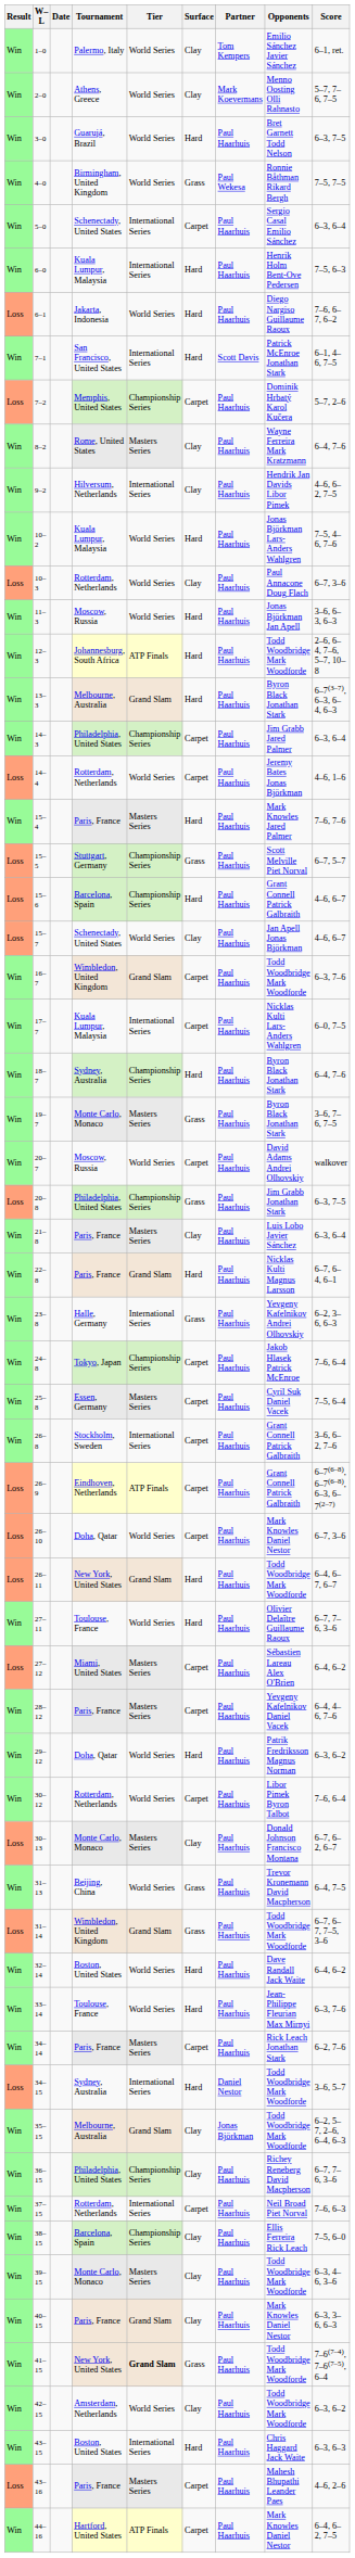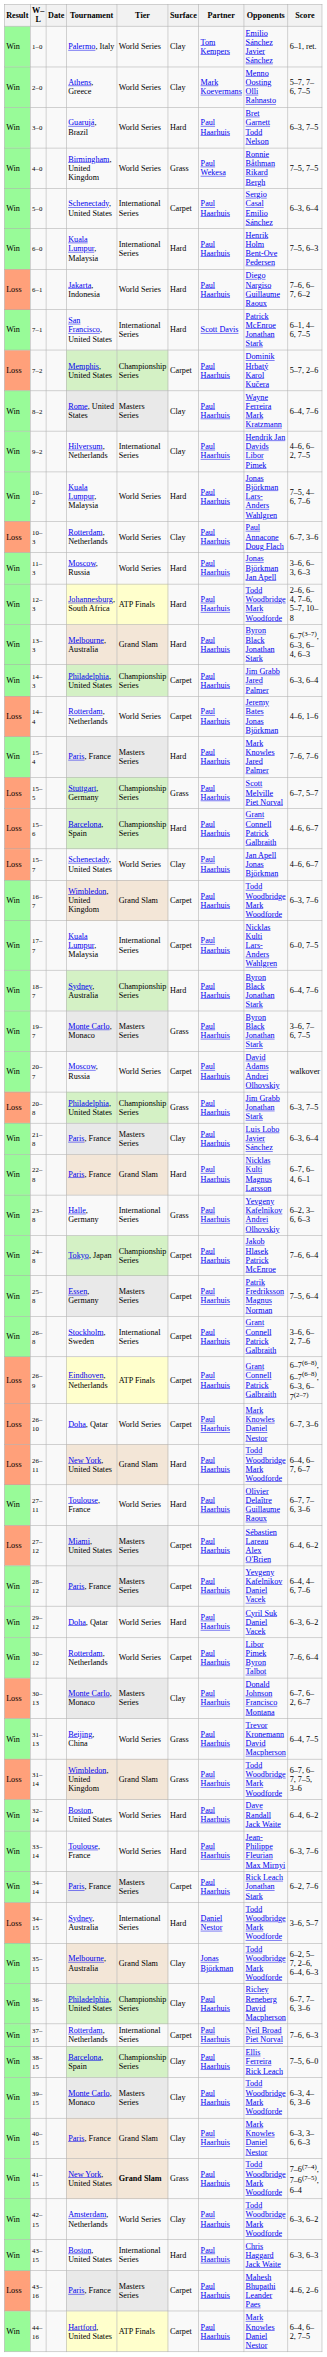 <table class="sortable wikitable">
 <tr>
 <th>Result</th>
 <th class="unsortable">W–L</th>
 <th>Date</th>
 <th>Tournament</th>
 <th>Tier</th>
 <th>Surface</th>
 <th>Partner</th>
 <th>Opponents</th>
 <th class="unsortable">Score</th>
 </tr>
 <tr>
 <td style="background:#98fb98;">Win</td>
 <td><small>1–0</small></td>
 <td><a href='#'></a></td>
 <td><a href='#'>Palermo</a>, Italy</td>
 <td>World Series</td>
 <td>Clay</td>
 <td> <a href='#'>Tom Kempers</a></td>
 <td> <a href='#'>Emilio Sánchez</a> <br>  <a href='#'>Javier Sánchez</a></td>
 <td>6–1, ret.</td>
 </tr>
 <tr>
 <td style="background:#98fb98;">Win</td>
 <td><small>2–0</small></td>
 <td><a href='#'></a></td>
 <td><a href='#'>Athens</a>, Greece</td>
 <td>World Series</td>
 <td>Clay</td>
 <td> <a href='#'>Mark Koevermans</a></td>
 <td> <a href='#'>Menno Oosting</a> <br>  <a href='#'>Olli Rahnasto</a></td>
 <td>5–7, 7–6, 7–5</td>
 </tr>
 <tr>
 <td style="background:#98fb98;">Win</td>
 <td><small>3–0</small></td>
 <td><a href='#'></a></td>
 <td><a href='#'>Guarujá</a>, Brazil</td>
 <td>World Series</td>
 <td>Hard</td>
 <td> <a href='#'>Paul Haarhuis</a></td>
 <td> <a href='#'>Bret Garnett</a> <br>  <a href='#'>Todd Nelson</a></td>
 <td>6–3, 7–5</td>
 </tr>
 <tr>
 <td style="background:#98fb98;">Win</td>
 <td><small>4–0</small></td>
 <td><a href='#'></a></td>
 <td><a href='#'>Birmingham</a>, United Kingdom</td>
 <td>World Series</td>
 <td>Grass</td>
 <td> <a href='#'>Paul Wekesa</a></td>
 <td> <a href='#'>Ronnie Båthman</a> <br>  <a href='#'>Rikard Bergh</a></td>
 <td>7–5, 7–5</td>
 </tr>
 <tr>
 <td style="background:#98fb98;">Win</td>
 <td><small>5–0</small></td>
 <td><a href='#'></a></td>
 <td><a href='#'>Schenectady</a>, United States</td>
 <td>International Series</td>
 <td>Carpet</td>
 <td> <a href='#'>Paul Haarhuis</a></td>
 <td> <a href='#'>Sergio Casal</a> <br>  <a href='#'>Emilio Sánchez</a></td>
 <td>6–3, 6–4</td>
 </tr>
 <tr>
 <td style="background:#98fb98;">Win</td>
 <td><small>6–0</small></td>
 <td><a href='#'></a></td>
 <td><a href='#'>Kuala Lumpur</a>, Malaysia</td>
 <td>International Series</td>
 <td>Hard</td>
 <td> <a href='#'>Paul Haarhuis</a></td>
 <td> <a href='#'>Henrik Holm</a> <br>  <a href='#'>Bent-Ove Pedersen</a></td>
 <td>7–5, 6–3</td>
 </tr>
 <tr>
 <td style=background:#ffa07a>Loss</td>
 <td><small>6–1</small></td>
 <td><a href='#'></a></td>
 <td><a href='#'>Jakarta</a>, Indonesia</td>
 <td>World Series</td>
 <td>Hard</td>
 <td> <a href='#'>Paul Haarhuis</a></td>
 <td> <a href='#'>Diego Nargiso</a> <br>  <a href='#'>Guillaume Raoux</a></td>
 <td>7–6, 6–7, 6–2</td>
 </tr>
 <tr>
 <td style="background:#98fb98;">Win</td>
 <td><small>7–1</small></td>
 <td><a href='#'></a></td>
 <td><a href='#'>San Francisco</a>, United States</td>
 <td>International Series</td>
 <td>Hard</td>
 <td> <a href='#'>Scott Davis</a></td>
 <td> <a href='#'>Patrick McEnroe</a> <br>  <a href='#'>Jonathan Stark</a></td>
 <td>6–1, 4–6, 7–5</td>
 </tr>
 <tr>
 <td style=background:#ffa07a>Loss</td>
 <td><small>7–2</small></td>
 <td><a href='#'></a></td>
 <td style="background:#d4f1c5;"><a href='#'>Memphis</a>, United States</td>
 <td style="background:#d4f1c5;">Championship Series</td>
 <td>Carpet</td>
 <td> <a href='#'>Paul Haarhuis</a></td>
 <td> <a href='#'>Dominik Hrbatý</a> <br>  <a href='#'>Karol Kučera</a></td>
 <td>5–7, 2–6</td>
 </tr>
 <tr>
 <td style="background:#98fb98;">Win</td>
 <td><small>8–2</small></td>
 <td><a href='#'></a></td>
 <td style="background:#e9e9e9;"><a href='#'>Rome</a>, United States</td>
 <td style="background:#e9e9e9;">Masters Series</td>
 <td>Clay</td>
 <td> <a href='#'>Paul Haarhuis</a></td>
 <td> <a href='#'>Wayne Ferreira</a> <br>  <a href='#'>Mark Kratzmann</a></td>
 <td>6–4, 7–6</td>
 </tr>
 <tr>
 <td style="background:#98fb98;">Win</td>
 <td><small>9–2</small></td>
 <td><a href='#'></a></td>
 <td><a href='#'>Hilversum</a>, Netherlands</td>
 <td>International Series</td>
 <td>Clay</td>
 <td> <a href='#'>Paul Haarhuis</a></td>
 <td> <a href='#'>Hendrik Jan Davids</a> <br>  <a href='#'>Libor Pimek</a></td>
 <td>4–6, 6–2, 7–5</td>
 </tr>
 <tr>
 <td style="background:#98fb98;">Win</td>
 <td><small>10–2</small></td>
 <td><a href='#'></a></td>
 <td><a href='#'>Kuala Lumpur</a>, Malaysia</td>
 <td>World Series</td>
 <td>Hard</td>
 <td> <a href='#'>Paul Haarhuis</a></td>
 <td> <a href='#'>Jonas Björkman</a> <br>  <a href='#'>Lars-Anders Wahlgren</a></td>
 <td>7–5, 4–6, 7–6</td>
 </tr>
 <tr>
 <td style=background:#ffa07a>Loss</td>
 <td><small>10–3</small></td>
 <td><a href='#'></a></td>
 <td><a href='#'>Rotterdam</a>, Netherlands</td>
 <td>World Series</td>
 <td>Clay</td>
 <td> <a href='#'>Paul Haarhuis</a></td>
 <td> <a href='#'>Paul Annacone</a> <br>  <a href='#'>Doug Flach</a></td>
 <td>6–7, 3–6</td>
 </tr>
 <tr>
 <td style="background:#98fb98;">Win</td>
 <td><small>11–3</small></td>
 <td><a href='#'></a></td>
 <td><a href='#'>Moscow</a>, Russia</td>
 <td>World Series</td>
 <td>Hard</td>
 <td> <a href='#'>Paul Haarhuis</a></td>
 <td> <a href='#'>Jonas Björkman</a> <br>  <a href='#'>Jan Apell</a></td>
 <td>3–6, 6–3, 6–3</td>
 </tr>
 <tr>
 <td style="background:#98fb98;">Win</td>
 <td><small>12–3</small></td>
 <td><a href='#'></a></td>
 <td style="background:#ffc;"><a href='#'>Johannesburg</a>, South Africa</td>
 <td style="background:#ffc;">ATP Finals</td>
 <td>Hard</td>
 <td> <a href='#'>Paul Haarhuis</a></td>
 <td> <a href='#'>Todd Woodbridge</a> <br>  <a href='#'>Mark Woodforde</a></td>
 <td>2–6, 6–4, 7–6, 5–7, 10–8</td>
 </tr>
 <tr>
 <td style="background:#98fb98;">Win</td>
 <td><small>13–3</small></td>
 <td><a href='#'></a></td>
 <td style="background:#f3e6d7;"><a href='#'>Melbourne</a>, Australia</td>
 <td style="background:#f3e6d7;">Grand Slam</td>
 <td>Hard</td>
 <td> <a href='#'>Paul Haarhuis</a></td>
 <td> <a href='#'>Byron Black</a> <br>  <a href='#'>Jonathan Stark</a></td>
 <td>6–7<sup>(3–7)</sup>, 6–3, 6–4, 6–3</td>
 </tr>
 <tr>
 <td style="background:#98fb98;">Win</td>
 <td><small>14–3</small></td>
 <td><a href='#'></a></td>
 <td style="background:#d4f1c5;"><a href='#'>Philadelphia</a>, United States</td>
 <td style="background:#d4f1c5;">Championship Series</td>
 <td>Carpet</td>
 <td> <a href='#'>Paul Haarhuis</a></td>
 <td> <a href='#'>Jim Grabb</a> <br>  <a href='#'>Jared Palmer</a></td>
 <td>6–3, 6–4</td>
 </tr>
 <tr>
 <td style=background:#ffa07a>Loss</td>
 <td><small>14–4</small></td>
 <td><a href='#'></a></td>
 <td><a href='#'>Rotterdam</a>, Netherlands</td>
 <td>World Series</td>
 <td>Carpet</td>
 <td> <a href='#'>Paul Haarhuis</a></td>
 <td> <a href='#'>Jeremy Bates</a> <br>  <a href='#'>Jonas Björkman</a></td>
 <td>4–6, 1–6</td>
 </tr>
 <tr>
 <td style="background:#98fb98;">Win</td>
 <td><small>15–4</small></td>
 <td><a href='#'></a></td>
 <td style="background:#e9e9e9;"><a href='#'>Paris</a>, France</td>
 <td style="background:#e9e9e9;">Masters Series</td>
 <td>Hard</td>
 <td> <a href='#'>Paul Haarhuis</a></td>
 <td> <a href='#'>Mark Knowles</a> <br>  <a href='#'>Jared Palmer</a></td>
 <td>7–6, 7–6</td>
 </tr>
 <tr>
 <td style=background:#ffa07a>Loss</td>
 <td><small>15–5</small></td>
 <td><a href='#'></a></td>
 <td style="background:#d4f1c5;"><a href='#'>Stuttgart</a>, Germany</td>
 <td style="background:#d4f1c5;">Championship Series</td>
 <td>Grass</td>
 <td> <a href='#'>Paul Haarhuis</a></td>
 <td> <a href='#'>Scott Melville</a> <br>  <a href='#'>Piet Norval</a></td>
 <td>6–7, 5–7</td>
 </tr>
 <tr>
 <td style=background:#ffa07a>Loss</td>
 <td><small>15–6</small></td>
 <td><a href='#'></a></td>
 <td style="background:#d4f1c5;"><a href='#'>Barcelona</a>, Spain</td>
 <td style="background:#d4f1c5;">Championship Series</td>
 <td>Hard</td>
 <td> <a href='#'>Paul Haarhuis</a></td>
 <td> <a href='#'>Grant Connell</a> <br>  <a href='#'>Patrick Galbraith</a></td>
 <td>4–6, 6–7</td>
 </tr>
 <tr>
 <td style=background:#ffa07a>Loss</td>
 <td><small>15–7</small></td>
 <td><a href='#'></a></td>
 <td><a href='#'>Schenectady</a>, United States</td>
 <td>World Series</td>
 <td>Clay</td>
 <td> <a href='#'>Paul Haarhuis</a></td>
 <td> <a href='#'>Jan Apell</a> <br>  <a href='#'>Jonas Björkman</a></td>
 <td>4–6, 6–7</td>
 </tr>
 <tr>
 <td style="background:#98fb98;">Win</td>
 <td><small>16–7</small></td>
 <td><a href='#'></a></td>
 <td style="background:#f3e6d7;"><a href='#'>Wimbledon</a>, United Kingdom</td>
 <td style="background:#f3e6d7;">Grand Slam</td>
 <td>Carpet</td>
 <td> <a href='#'>Paul Haarhuis</a></td>
 <td> <a href='#'>Todd Woodbridge</a> <br>  <a href='#'>Mark Woodforde</a></td>
 <td>6–3, 7–6</td>
 </tr>
 <tr>
 <td style="background:#98fb98;">Win</td>
 <td><small>17–7</small></td>
 <td><a href='#'></a></td>
 <td><a href='#'>Kuala Lumpur</a>, Malaysia</td>
 <td>International Series</td>
 <td>Carpet</td>
 <td> <a href='#'>Paul Haarhuis</a></td>
 <td> <a href='#'>Nicklas Kulti</a> <br>  <a href='#'>Lars-Anders Wahlgren</a></td>
 <td>6–0, 7–5</td>
 </tr>
 <tr>
 <td style="background:#98fb98;">Win</td>
 <td><small>18–7</small></td>
 <td><a href='#'></a></td>
 <td style="background:#d4f1c5;"><a href='#'>Sydney</a>, Australia</td>
 <td style="background:#d4f1c5;">Championship Series</td>
 <td>Hard</td>
 <td> <a href='#'>Paul Haarhuis</a></td>
 <td> <a href='#'>Byron Black</a> <br>  <a href='#'>Jonathan Stark</a></td>
 <td>6–4, 7–6</td>
 </tr>
 <tr>
 <td style="background:#98fb98;">Win</td>
 <td><small>19–7</small></td>
 <td><a href='#'></a></td>
 <td style="background:#e9e9e9;"><a href='#'>Monte Carlo</a>, Monaco</td>
 <td style="background:#e9e9e9;">Masters Series</td>
 <td>Grass</td>
 <td> <a href='#'>Paul Haarhuis</a></td>
 <td> <a href='#'>Byron Black</a> <br>  <a href='#'>Jonathan Stark</a></td>
 <td>3–6, 7–6, 7–5</td>
 </tr>
 <tr>
 <td style="background:#98fb98;">Win</td>
 <td><small>20–7</small></td>
 <td><a href='#'></a></td>
 <td><a href='#'>Moscow</a>, Russia</td>
 <td>World Series</td>
 <td>Carpet</td>
 <td> <a href='#'>Paul Haarhuis</a></td>
 <td> <a href='#'>David Adams</a> <br>  <a href='#'>Andrei Olhovskiy</a></td>
 <td>walkover</td>
 </tr>
 <tr>
 <td style=background:#ffa07a>Loss</td>
 <td><small>20–8</small></td>
 <td><a href='#'></a></td>
 <td style="background:#d4f1c5;"><a href='#'>Philadelphia</a>, United States</td>
 <td style="background:#d4f1c5;">Championship Series</td>
 <td>Grass</td>
 <td> <a href='#'>Paul Haarhuis</a></td>
 <td> <a href='#'>Jim Grabb</a> <br>  <a href='#'>Jonathan Stark</a></td>
 <td>6–3, 7–5</td>
 </tr>
 <tr>
 <td style="background:#98fb98;">Win</td>
 <td><small>21–8</small></td>
 <td><a href='#'></a></td>
 <td style="background:#e9e9e9;"><a href='#'>Paris</a>, France</td>
 <td style="background:#e9e9e9;">Masters Series</td>
 <td>Clay</td>
 <td> <a href='#'>Paul Haarhuis</a></td>
 <td> <a href='#'>Luis Lobo</a> <br>  <a href='#'>Javier Sánchez</a></td>
 <td>6–3, 6–4</td>
 </tr>
 <tr>
 <td style="background:#98fb98;">Win</td>
 <td><small>22–8</small></td>
 <td><a href='#'></a></td>
 <td style="background:#f3e6d7;"><a href='#'>Paris</a>, France</td>
 <td style="background:#f3e6d7;">Grand Slam</td>
 <td>Hard</td>
 <td> <a href='#'>Paul Haarhuis</a></td>
 <td> <a href='#'>Nicklas Kulti</a> <br>  <a href='#'>Magnus Larsson</a></td>
 <td>6–7, 6–4, 6–1</td>
 </tr>
 <tr>
 <td style="background:#98fb98;">Win</td>
 <td><small>23–8</small></td>
 <td><a href='#'></a></td>
 <td><a href='#'>Halle</a>, Germany</td>
 <td>International Series</td>
 <td>Grass</td>
 <td> <a href='#'>Paul Haarhuis</a></td>
 <td> <a href='#'>Yevgeny Kafelnikov</a> <br>  <a href='#'>Andrei Olhovskiy</a></td>
 <td>6–2, 3–6, 6–3</td>
 </tr>
 <tr>
 <td style="background:#98fb98;">Win</td>
 <td><small>24–8</small></td>
 <td><a href='#'></a></td>
 <td style="background:#d4f1c5;"><a href='#'>Tokyo</a>, Japan</td>
 <td style="background:#d4f1c5;">Championship Series</td>
 <td>Carpet</td>
 <td> <a href='#'>Paul Haarhuis</a></td>
 <td> <a href='#'>Jakob Hlasek</a> <br>  <a href='#'>Patrick McEnroe</a></td>
 <td>7–6, 6–4</td>
 </tr>
 <tr>
 <td style="background:#98fb98;">Win</td>
 <td><small>25–8</small></td>
 <td><a href='#'></a></td>
 <td style="background:#e9e9e9;"><a href='#'>Essen</a>, Germany</td>
 <td style="background:#e9e9e9;">Masters Series</td>
 <td>Carpet</td>
 <td> <a href='#'>Paul Haarhuis</a></td>
-<td> <a href='#'>Cyril Suk</a> <br>  <a href='#'>Daniel Vacek</a></td>
+<td> <a href='#'>Patrik Fredriksson</a> <br>  <a href='#'>Magnus Norman</a></td>
 <td>7–5, 6–4</td>
 </tr>
 <tr>
 <td style="background:#98fb98;">Win</td>
 <td><small>26–8</small></td>
 <td><a href='#'></a></td>
 <td><a href='#'>Stockholm</a>, Sweden</td>
 <td>International Series</td>
 <td>Carpet</td>
 <td> <a href='#'>Paul Haarhuis</a></td>
 <td> <a href='#'>Grant Connell</a> <br>  <a href='#'>Patrick Galbraith</a></td>
 <td>3–6, 6–2, 7–6</td>
 </tr>
 <tr>
 <td style=background:#ffa07a>Loss</td>
 <td><small>26–9</small></td>
 <td><a href='#'></a></td>
 <td style="background:#ffc;"><a href='#'>Eindhoven</a>, Netherlands</td>
 <td style="background:#ffc;">ATP Finals</td>
 <td>Carpet</td>
 <td> <a href='#'>Paul Haarhuis</a></td>
 <td> <a href='#'>Grant Connell</a> <br>  <a href='#'>Patrick Galbraith</a></td>
 <td>6–7<sup>(6–8)</sup>, 6–7<sup>(6–8)</sup>, 6–3, 6–7<sup>(2–7)</sup></td>
 </tr>
 <tr>
 <td style=background:#ffa07a>Loss</td>
 <td><small>26–10</small></td>
 <td><a href='#'></a></td>
 <td><a href='#'>Doha</a>, Qatar</td>
 <td>World Series</td>
 <td>Carpet</td>
 <td> <a href='#'>Paul Haarhuis</a></td>
 <td> <a href='#'>Mark Knowles</a> <br>  <a href='#'>Daniel Nestor</a></td>
 <td>6–7, 3–6</td>
 </tr>
 <tr>
 <td style=background:#ffa07a>Loss</td>
 <td><small>26–11</small></td>
 <td><a href='#'></a></td>
 <td style="background:#f3e6d7;"><a href='#'>New York</a>, United States</td>
 <td style="background:#f3e6d7;">Grand Slam</td>
 <td>Hard</td>
 <td> <a href='#'>Paul Haarhuis</a></td>
 <td> <a href='#'>Todd Woodbridge</a> <br>  <a href='#'>Mark Woodforde</a></td>
 <td>6–4, 6–7, 6–7</td>
 </tr>
 <tr>
 <td style="background:#98fb98;">Win</td>
 <td><small>27–11</small></td>
 <td><a href='#'></a></td>
 <td><a href='#'>Toulouse</a>, France</td>
 <td>World Series</td>
 <td>Hard</td>
 <td> <a href='#'>Paul Haarhuis</a></td>
 <td> <a href='#'>Olivier Delaître</a> <br>  <a href='#'>Guillaume Raoux</a></td>
 <td>6–7, 7–6, 3–6</td>
 </tr>
 <tr>
 <td style=background:#ffa07a>Loss</td>
 <td><small>27–12</small></td>
 <td><a href='#'></a></td>
 <td style="background:#e9e9e9;"><a href='#'>Miami</a>, United States</td>
 <td style="background:#e9e9e9;">Masters Series</td>
 <td>Carpet</td>
 <td> <a href='#'>Paul Haarhuis</a></td>
 <td> <a href='#'>Sébastien Lareau</a> <br>  <a href='#'>Alex O'Brien</a></td>
 <td>6–4, 6–2</td>
 </tr>
 <tr>
 <td style="background:#98fb98;">Win</td>
 <td><small>28–12</small></td>
 <td><a href='#'></a></td>
 <td style="background:#e9e9e9;"><a href='#'>Paris</a>, France</td>
 <td style="background:#e9e9e9;">Masters Series</td>
 <td>Carpet</td>
 <td> <a href='#'>Paul Haarhuis</a></td>
 <td> <a href='#'>Yevgeny Kafelnikov</a> <br>  <a href='#'>Daniel Vacek</a></td>
 <td>6–4, 4–6, 7–6</td>
 </tr>
 <tr>
 <td style="background:#98fb98;">Win</td>
 <td><small>29–12</small></td>
 <td><a href='#'></a></td>
 <td><a href='#'>Doha</a>, Qatar</td>
 <td>World Series</td>
 <td>Hard</td>
 <td> <a href='#'>Paul Haarhuis</a></td>
-<td> <a href='#'>Patrik Fredriksson</a> <br>  <a href='#'>Magnus Norman</a></td>
+<td> <a href='#'>Cyril Suk</a> <br>  <a href='#'>Daniel Vacek</a></td>
 <td>6–3, 6–2</td>
 </tr>
 <tr>
 <td style="background:#98fb98;">Win</td>
 <td><small>30–12</small></td>
 <td><a href='#'></a></td>
 <td><a href='#'>Rotterdam</a>, Netherlands</td>
 <td>World Series</td>
 <td>Carpet</td>
 <td> <a href='#'>Paul Haarhuis</a></td>
 <td> <a href='#'>Libor Pimek</a> <br>  <a href='#'>Byron Talbot</a></td>
 <td>7–6, 6–4</td>
 </tr>
 <tr>
 <td style=background:#ffa07a>Loss</td>
 <td><small>30–13</small></td>
 <td><a href='#'></a></td>
 <td style="background:#e9e9e9;"><a href='#'>Monte Carlo</a>, Monaco</td>
 <td style="background:#e9e9e9;">Masters Series</td>
 <td>Clay</td>
 <td> <a href='#'>Paul Haarhuis</a></td>
 <td> <a href='#'>Donald Johnson</a> <br>  <a href='#'>Francisco Montana</a></td>
 <td>6–7, 6–2, 6–7</td>
 </tr>
 <tr>
 <td style="background:#98fb98;">Win</td>
 <td><small>31–13</small></td>
 <td><a href='#'></a></td>
 <td><a href='#'>Beijing</a>, China</td>
 <td>World Series</td>
 <td>Grass</td>
 <td> <a href='#'>Paul Haarhuis</a></td>
 <td> <a href='#'>Trevor Kronemann</a> <br>  <a href='#'>David Macpherson</a></td>
 <td>6–4, 7–5</td>
 </tr>
 <tr>
 <td style=background:#ffa07a>Loss</td>
 <td><small>31–14</small></td>
 <td><a href='#'></a></td>
 <td style="background:#f3e6d7;"><a href='#'>Wimbledon</a>, United Kingdom</td>
 <td style="background:#f3e6d7;">Grand Slam</td>
 <td>Grass</td>
 <td> <a href='#'>Paul Haarhuis</a></td>
 <td> <a href='#'>Todd Woodbridge</a> <br>  <a href='#'>Mark Woodforde</a></td>
 <td>6–7, 6–7, 7–5, 3–6</td>
 </tr>
 <tr>
 <td style="background:#98fb98;">Win</td>
 <td><small>32–14</small></td>
 <td><a href='#'></a></td>
 <td><a href='#'>Boston</a>, United States</td>
 <td>World Series</td>
 <td>Hard</td>
 <td> <a href='#'>Paul Haarhuis</a></td>
 <td> <a href='#'>Dave Randall</a> <br>  <a href='#'>Jack Waite</a></td>
 <td>6–4, 6–2</td>
 </tr>
 <tr>
 <td style="background:#98fb98;">Win</td>
 <td><small>33–14</small></td>
 <td><a href='#'></a></td>
 <td><a href='#'>Toulouse</a>, France</td>
 <td>World Series</td>
 <td>Hard</td>
 <td> <a href='#'>Paul Haarhuis</a></td>
 <td> <a href='#'>Jean-Philippe Fleurian</a> <br>  <a href='#'>Max Mirnyi</a></td>
 <td>6–3, 7–6</td>
 </tr>
 <tr>
 <td style="background:#98fb98;">Win</td>
 <td><small>34–14</small></td>
 <td><a href='#'></a></td>
 <td style="background:#e9e9e9;"><a href='#'>Paris</a>, France</td>
 <td style="background:#e9e9e9;">Masters Series</td>
 <td>Carpet</td>
 <td> <a href='#'>Paul Haarhuis</a></td>
 <td> <a href='#'>Rick Leach</a> <br>  <a href='#'>Jonathan Stark</a></td>
 <td>6–2, 7–6</td>
 </tr>
 <tr>
 <td style=background:#ffa07a>Loss</td>
 <td><small>34–15</small></td>
 <td><a href='#'></a></td>
 <td><a href='#'>Sydney</a>, Australia</td>
 <td>International Series</td>
 <td>Hard</td>
 <td> <a href='#'>Daniel Nestor</a></td>
 <td> <a href='#'>Todd Woodbridge</a> <br>  <a href='#'>Mark Woodforde</a></td>
 <td>3–6, 5–7</td>
 </tr>
 <tr>
 <td style="background:#98fb98;">Win</td>
 <td><small>35–15</small></td>
 <td><a href='#'></a></td>
 <td style="background:#f3e6d7;"><a href='#'>Melbourne</a>, Australia</td>
 <td style="background:#f3e6d7;">Grand Slam</td>
 <td>Clay</td>
 <td> <a href='#'>Jonas Björkman</a></td>
 <td> <a href='#'>Todd Woodbridge</a> <br>  <a href='#'>Mark Woodforde</a></td>
 <td>6–2, 5–7, 2–6, 6–4, 6–3</td>
 </tr>
 <tr>
 <td style="background:#98fb98;">Win</td>
 <td><small>36–15</small></td>
 <td><a href='#'></a></td>
 <td style="background:#d4f1c5;"><a href='#'>Philadelphia</a>, United States</td>
 <td style="background:#d4f1c5;">Championship Series</td>
 <td>Clay</td>
 <td> <a href='#'>Paul Haarhuis</a></td>
 <td> <a href='#'>Richey Reneberg</a> <br>  <a href='#'>David Macpherson</a></td>
 <td>6–7, 7–6, 3–6</td>
 </tr>
 <tr>
 <td style="background:#98fb98;">Win</td>
 <td><small>37–15</small></td>
 <td><a href='#'></a></td>
 <td><a href='#'>Rotterdam</a>, Netherlands</td>
 <td>International Series</td>
 <td>Carpet</td>
 <td> <a href='#'>Paul Haarhuis</a></td>
 <td> <a href='#'>Neil Broad</a> <br>  <a href='#'>Piet Norval</a></td>
 <td>7–6, 6–3</td>
 </tr>
 <tr>
 <td style="background:#98fb98;">Win</td>
 <td><small>38–15</small></td>
 <td><a href='#'></a></td>
 <td style="background:#d4f1c5;"><a href='#'>Barcelona</a>, Spain</td>
 <td style="background:#d4f1c5;">Championship Series</td>
 <td>Clay</td>
 <td> <a href='#'>Paul Haarhuis</a></td>
 <td> <a href='#'>Ellis Ferreira</a> <br>  <a href='#'>Rick Leach</a></td>
 <td>7–5, 6–0</td>
 </tr>
 <tr>
 <td style="background:#98fb98;">Win</td>
 <td><small>39–15</small></td>
 <td><a href='#'></a></td>
 <td style="background:#e9e9e9;"><a href='#'>Monte Carlo</a>, Monaco</td>
 <td style="background:#e9e9e9;">Masters Series</td>
 <td>Clay</td>
 <td> <a href='#'>Paul Haarhuis</a></td>
 <td> <a href='#'>Todd Woodbridge</a> <br>  <a href='#'>Mark Woodforde</a></td>
 <td>6–3, 4–6, 3–6</td>
 </tr>
 <tr>
 <td style="background:#98fb98;">Win</td>
 <td><small>40–15</small></td>
 <td><a href='#'></a></td>
 <td style="background:#f3e6d7;"><a href='#'>Paris</a>, France</td>
 <td style="background:#f3e6d7;">Grand Slam</td>
 <td>Clay</td>
 <td> <a href='#'>Paul Haarhuis</a></td>
 <td> <a href='#'>Mark Knowles</a> <br>  <a href='#'>Daniel Nestor</a></td>
 <td>6–3, 3–6, 6–3</td>
 </tr>
 <tr>
 <td style="background:#98fb98;">Win</td>
 <td><small>41–15</small></td>
 <td><a href='#'></a></td>
 <td style="background:#f3e6d7;"><a href='#'>New York</a>, United States</td>
 <td style="background:#f3e6d7;"><strong>Grand Slam</strong></td>
 <td>Grass</td>
 <td> <a href='#'>Paul Haarhuis</a></td>
 <td> <a href='#'>Todd Woodbridge</a> <br>  <a href='#'>Mark Woodforde</a></td>
 <td>7–6<sup>(7–4)</sup>, 7–6<sup>(7–5)</sup>, 6–4</td>
 </tr>
 <tr>
 <td style="background:#98fb98;">Win</td>
 <td><small>42–15</small></td>
 <td><a href='#'></a></td>
 <td><a href='#'>Amsterdam</a>, Netherlands</td>
 <td>World Series</td>
 <td>Clay</td>
 <td> <a href='#'>Paul Haarhuis</a></td>
 <td> <a href='#'>Todd Woodbridge</a> <br>  <a href='#'>Mark Woodforde</a></td>
 <td>6–3, 6–2</td>
 </tr>
 <tr>
 <td style="background:#98fb98;">Win</td>
 <td><small>43–15</small></td>
 <td><a href='#'></a></td>
 <td><a href='#'>Boston</a>, United States</td>
 <td>International Series</td>
 <td>Hard</td>
 <td> <a href='#'>Paul Haarhuis</a></td>
 <td> <a href='#'>Chris Haggard</a> <br>  <a href='#'>Jack Waite</a></td>
 <td>6–3, 6–3</td>
 </tr>
 <tr>
 <td style=background:#ffa07a>Loss</td>
 <td><small>43–16</small></td>
 <td><a href='#'></a></td>
 <td style="background:#e9e9e9;"><a href='#'>Paris</a>, France</td>
 <td style="background:#e9e9e9;">Masters Series</td>
 <td>Carpet</td>
 <td> <a href='#'>Paul Haarhuis</a></td>
 <td> <a href='#'>Mahesh Bhupathi</a> <br>  <a href='#'>Leander Paes</a></td>
 <td>4–6, 2–6</td>
 </tr>
 <tr>
 <td style="background:#98fb98;">Win</td>
 <td><small>44–16</small></td>
 <td><a href='#'></a></td>
 <td style="background:#ffc;"><a href='#'>Hartford</a>, United States</td>
 <td style="background:#ffc;">ATP Finals</td>
 <td>Carpet</td>
 <td> <a href='#'>Paul Haarhuis</a></td>
 <td> <a href='#'>Mark Knowles</a> <br>  <a href='#'>Daniel Nestor</a></td>
 <td>6–4, 6–2, 7–5</td>
 </tr>
 </table>
